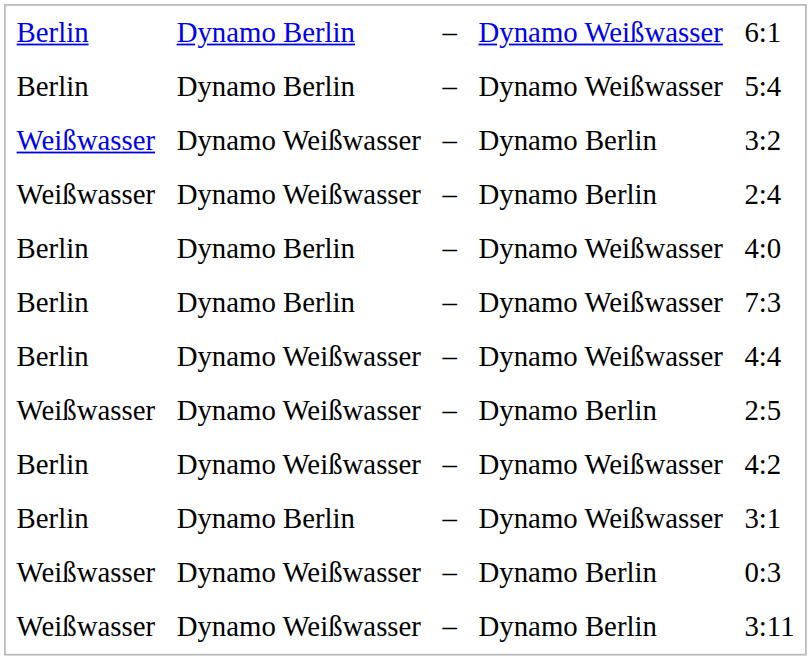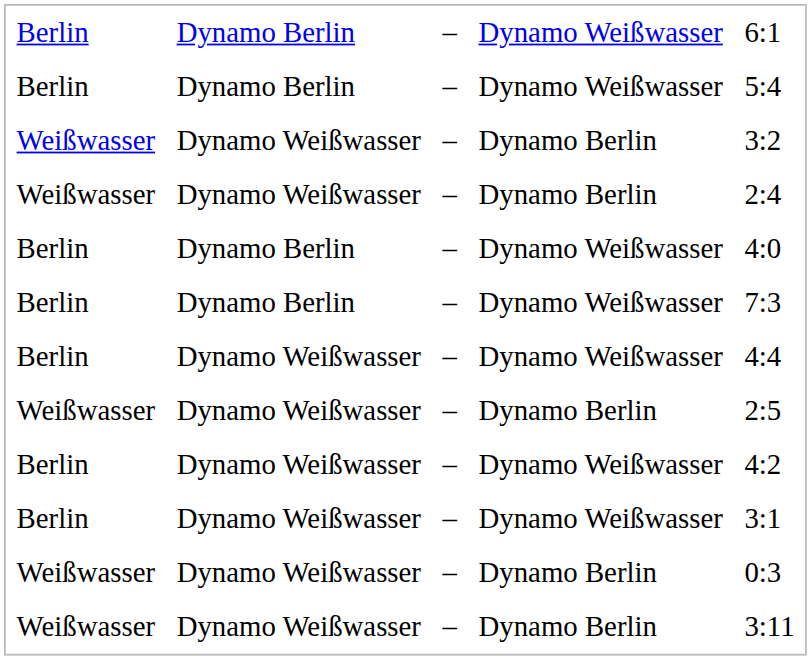 <table cellspacing="0" border="0" cellpadding="6" style="border:1px solid #bbb; background-color:#FFFFFF;">
 <tr>
 <td><a href='#'>Berlin</a></td>
 <td><a href='#'>Dynamo Berlin</a></td>
 <td>–</td>
 <td><a href='#'>Dynamo Weißwasser</a></td>
 <td>6:1</td>
 </tr>
 <tr>
 <td>Berlin</td>
 <td>Dynamo Berlin</td>
 <td>–</td>
 <td>Dynamo Weißwasser</td>
 <td>5:4</td>
 </tr>
 <tr>
 <td><a href='#'>Weißwasser</a></td>
 <td>Dynamo Weißwasser</td>
 <td>–</td>
 <td>Dynamo Berlin</td>
 <td>3:2</td>
 </tr>
 <tr>
 <td>Weißwasser</td>
 <td>Dynamo Weißwasser</td>
 <td>–</td>
 <td>Dynamo Berlin</td>
 <td>2:4</td>
 </tr>
 <tr>
 <td>Berlin</td>
 <td>Dynamo Berlin</td>
 <td>–</td>
 <td>Dynamo Weißwasser</td>
 <td>4:0</td>
 </tr>
 <tr>
 <td>Berlin</td>
 <td>Dynamo Berlin</td>
 <td>–</td>
 <td>Dynamo Weißwasser</td>
 <td>7:3</td>
 </tr>
 <tr>
 <td>Berlin</td>
 <td>Dynamo Weißwasser</td>
 <td>–</td>
 <td>Dynamo Weißwasser</td>
 <td>4:4</td>
 </tr>
 <tr>
 <td>Weißwasser</td>
 <td>Dynamo Weißwasser</td>
 <td>–</td>
 <td>Dynamo Berlin</td>
 <td>2:5</td>
 </tr>
 <tr>
 <td>Berlin</td>
 <td>Dynamo Weißwasser</td>
 <td>–</td>
 <td>Dynamo Weißwasser</td>
 <td>4:2</td>
 </tr>
 <tr>
 <td>Berlin</td>
-<td>Dynamo Berlin</td>
+<td>Dynamo Weißwasser</td>
 <td>–</td>
 <td>Dynamo Weißwasser</td>
 <td>3:1</td>
 </tr>
 <tr>
 <td>Weißwasser</td>
 <td>Dynamo Weißwasser</td>
 <td>–</td>
 <td>Dynamo Berlin</td>
 <td>0:3</td>
 </tr>
 <tr>
 <td>Weißwasser</td>
 <td>Dynamo Weißwasser</td>
 <td>–</td>
 <td>Dynamo Berlin</td>
 <td>3:11</td>
 </tr>
 </table>
